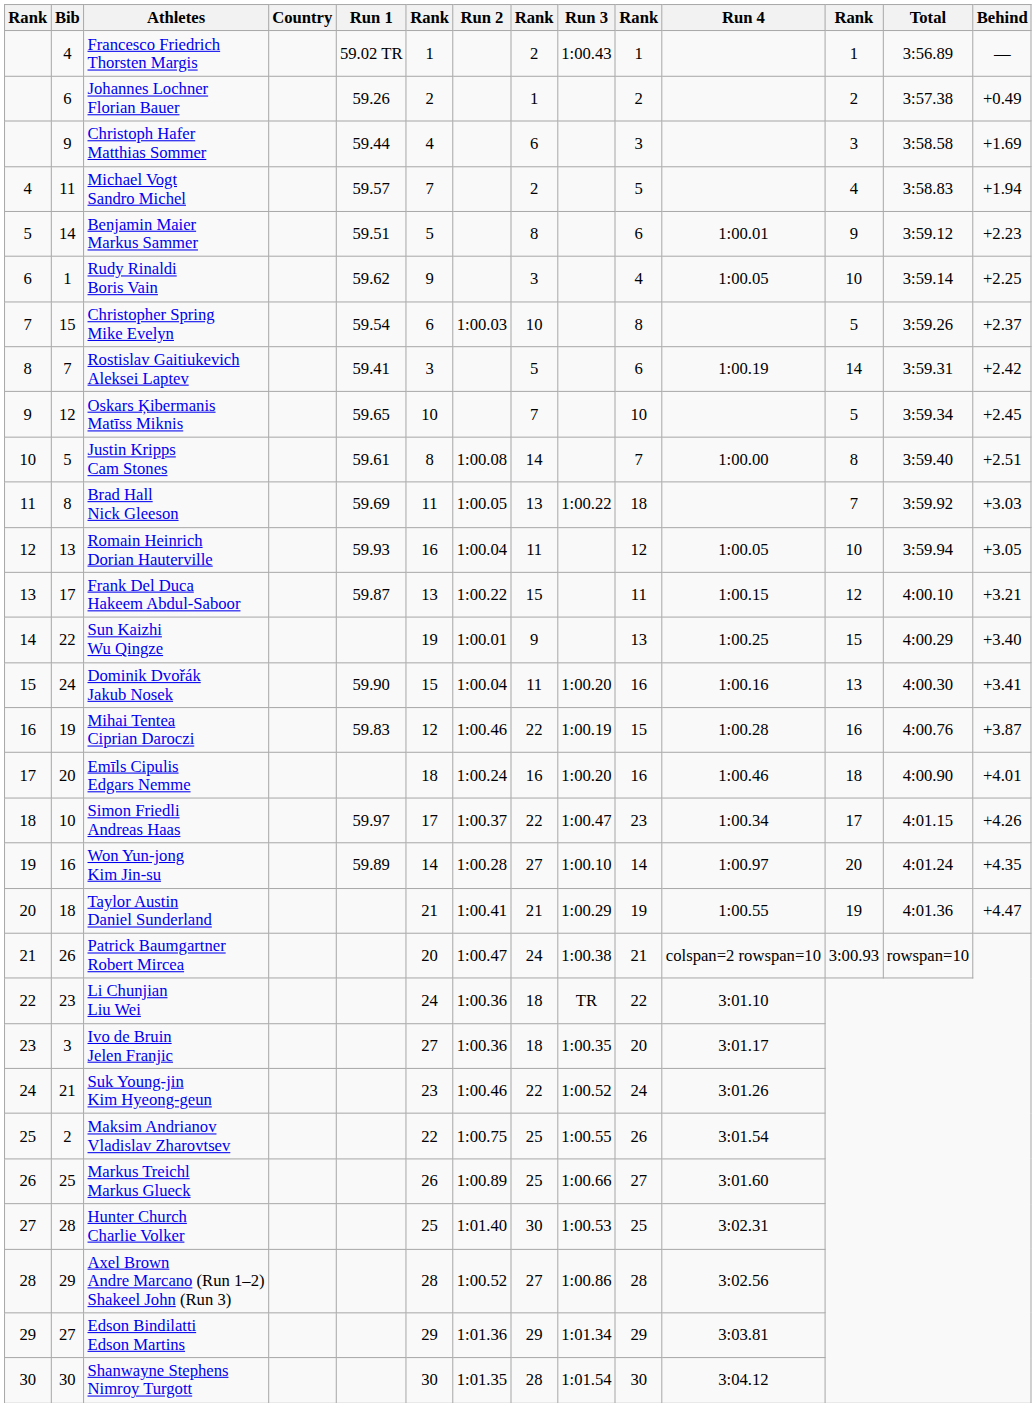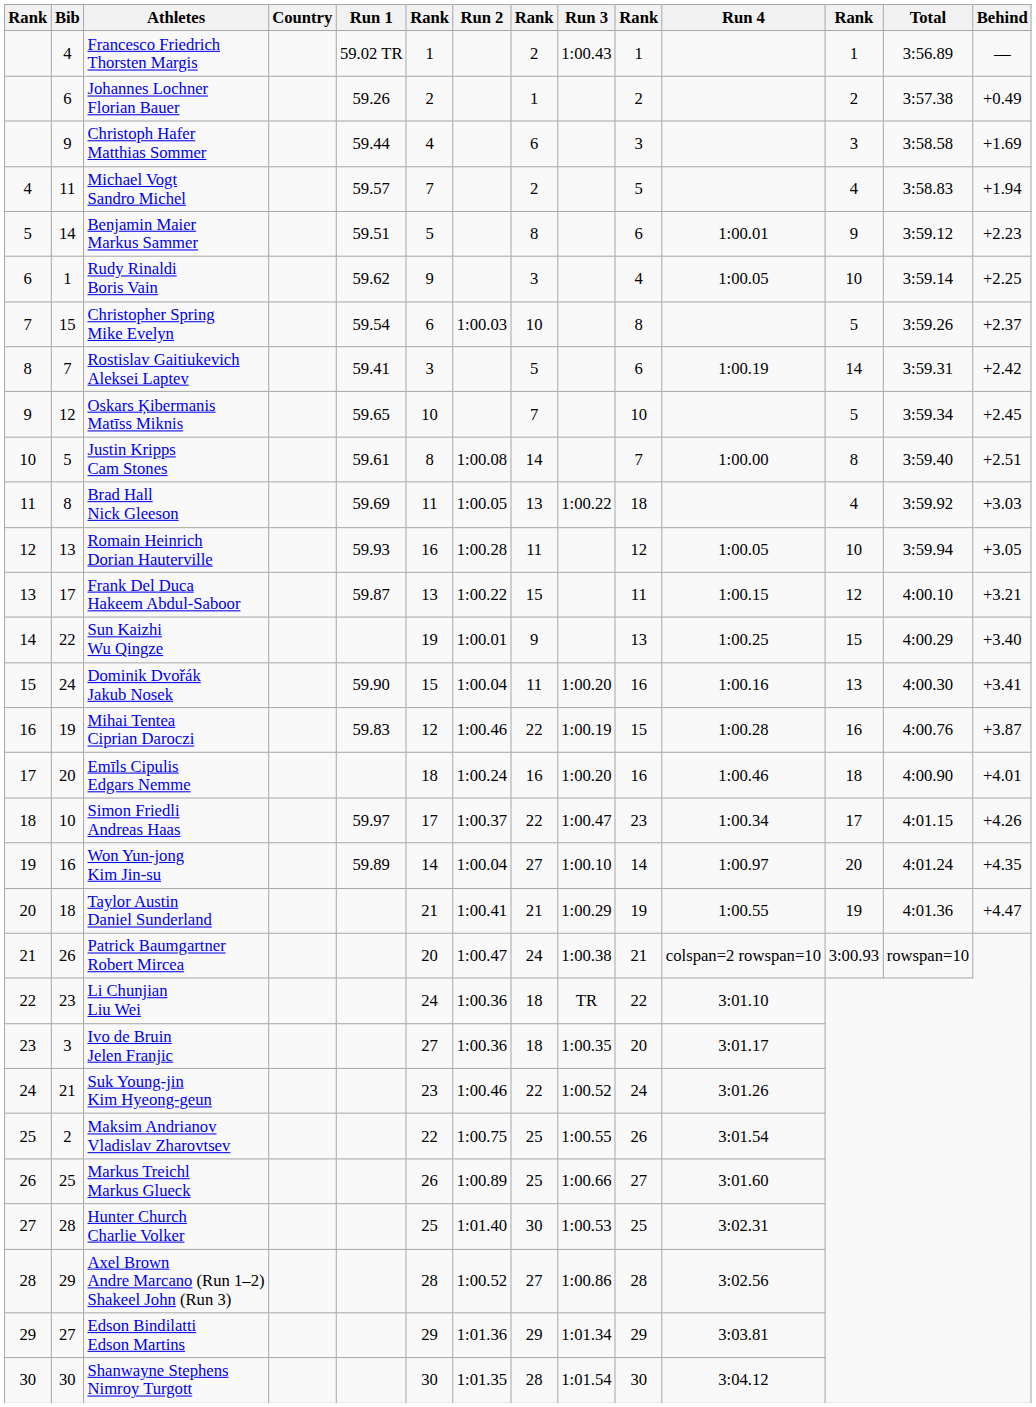 <table class="wikitable sortable" style="text-align:center;">
 <tr>
 <th>Rank</th>
 <th>Bib</th>
 <th>Athletes</th>
 <th>Country</th>
 <th>Run 1</th>
 <th>Rank</th>
 <th>Run 2</th>
 <th>Rank</th>
 <th>Run 3</th>
 <th>Rank</th>
 <th>Run 4</th>
 <th>Rank</th>
 <th>Total</th>
 <th>Behind</th>
 </tr>
 <tr>
 <td></td>
 <td>4</td>
 <td align=left><a href='#'>Francesco Friedrich</a><br><a href='#'>Thorsten Margis</a></td>
 <td align=left></td>
 <td>59.02 TR</td>
 <td>1</td>
 <td></td>
 <td>2</td>
 <td>1:00.43</td>
 <td>1</td>
 <td></td>
 <td>1</td>
 <td>3:56.89</td>
 <td>—</td>
 </tr>
 <tr>
 <td></td>
 <td>6</td>
 <td align=left><a href='#'>Johannes Lochner</a><br><a href='#'>Florian Bauer</a></td>
 <td align=left></td>
 <td>59.26</td>
 <td>2</td>
 <td></td>
 <td>1</td>
 <td></td>
 <td>2</td>
 <td></td>
 <td>2</td>
 <td>3:57.38</td>
 <td>+0.49</td>
 </tr>
 <tr>
 <td></td>
 <td>9</td>
 <td align=left><a href='#'>Christoph Hafer</a><br><a href='#'>Matthias Sommer</a></td>
 <td align=left></td>
 <td>59.44</td>
 <td>4</td>
 <td></td>
 <td>6</td>
 <td></td>
 <td>3</td>
 <td></td>
 <td>3</td>
 <td>3:58.58</td>
 <td>+1.69</td>
 </tr>
 <tr>
 <td>4</td>
 <td>11</td>
 <td align=left><a href='#'>Michael Vogt</a><br><a href='#'>Sandro Michel</a></td>
 <td align=left></td>
 <td>59.57</td>
 <td>7</td>
 <td></td>
 <td>2</td>
 <td></td>
 <td>5</td>
 <td></td>
 <td>4</td>
 <td>3:58.83</td>
 <td>+1.94</td>
 </tr>
 <tr>
 <td>5</td>
 <td>14</td>
 <td align=left><a href='#'>Benjamin Maier</a><br><a href='#'>Markus Sammer</a></td>
 <td align=left></td>
 <td>59.51</td>
 <td>5</td>
 <td></td>
 <td>8</td>
 <td></td>
 <td>6</td>
 <td>1:00.01</td>
 <td>9</td>
 <td>3:59.12</td>
 <td>+2.23</td>
 </tr>
 <tr>
 <td>6</td>
 <td>1</td>
 <td align=left><a href='#'>Rudy Rinaldi</a><br><a href='#'>Boris Vain</a></td>
 <td align=left></td>
 <td>59.62</td>
 <td>9</td>
 <td></td>
 <td>3</td>
 <td></td>
 <td>4</td>
 <td>1:00.05</td>
 <td>10</td>
 <td>3:59.14</td>
 <td>+2.25</td>
 </tr>
 <tr>
 <td>7</td>
 <td>15</td>
 <td align=left><a href='#'>Christopher Spring</a><br><a href='#'>Mike Evelyn</a></td>
 <td align=left></td>
 <td>59.54</td>
 <td>6</td>
 <td>1:00.03</td>
 <td>10</td>
 <td></td>
 <td>8</td>
 <td></td>
 <td>5</td>
 <td>3:59.26</td>
 <td>+2.37</td>
 </tr>
 <tr>
 <td>8</td>
 <td>7</td>
 <td align=left><a href='#'>Rostislav Gaitiukevich</a><br><a href='#'>Aleksei Laptev</a></td>
 <td align=left></td>
 <td>59.41</td>
 <td>3</td>
 <td></td>
 <td>5</td>
 <td></td>
 <td>6</td>
 <td>1:00.19</td>
 <td>14</td>
 <td>3:59.31</td>
 <td>+2.42</td>
 </tr>
 <tr>
 <td>9</td>
 <td>12</td>
 <td align=left><a href='#'>Oskars Ķibermanis</a><br><a href='#'>Matīss Miknis</a></td>
 <td align=left></td>
 <td>59.65</td>
 <td>10</td>
 <td></td>
 <td>7</td>
 <td></td>
 <td>10</td>
 <td></td>
 <td>5</td>
 <td>3:59.34</td>
 <td>+2.45</td>
 </tr>
 <tr>
 <td>10</td>
 <td>5</td>
 <td align=left><a href='#'>Justin Kripps</a><br><a href='#'>Cam Stones</a></td>
 <td align=left></td>
 <td>59.61</td>
 <td>8</td>
 <td>1:00.08</td>
 <td>14</td>
 <td></td>
 <td>7</td>
 <td>1:00.00</td>
 <td>8</td>
 <td>3:59.40</td>
 <td>+2.51</td>
 </tr>
 <tr>
 <td>11</td>
 <td>8</td>
 <td align=left><a href='#'>Brad Hall</a><br><a href='#'>Nick Gleeson</a></td>
 <td align=left></td>
 <td>59.69</td>
 <td>11</td>
 <td>1:00.05</td>
 <td>13</td>
 <td>1:00.22</td>
 <td>18</td>
 <td></td>
-<td>7</td>
+<td>4</td>
 <td>3:59.92</td>
 <td>+3.03</td>
 </tr>
 <tr>
 <td>12</td>
 <td>13</td>
 <td align=left><a href='#'>Romain Heinrich</a><br><a href='#'>Dorian Hauterville</a></td>
 <td align=left></td>
 <td>59.93</td>
 <td>16</td>
-<td>1:00.04</td>
+<td>1:00.28</td>
 <td>11</td>
 <td></td>
 <td>12</td>
 <td>1:00.05</td>
 <td>10</td>
 <td>3:59.94</td>
 <td>+3.05</td>
 </tr>
 <tr>
 <td>13</td>
 <td>17</td>
 <td align=left><a href='#'>Frank Del Duca</a><br><a href='#'>Hakeem Abdul-Saboor</a></td>
 <td align=left></td>
 <td>59.87</td>
 <td>13</td>
 <td>1:00.22</td>
 <td>15</td>
 <td></td>
 <td>11</td>
 <td>1:00.15</td>
 <td>12</td>
 <td>4:00.10</td>
 <td>+3.21</td>
 </tr>
 <tr>
 <td>14</td>
 <td>22</td>
 <td align=left><a href='#'>Sun Kaizhi</a><br><a href='#'>Wu Qingze</a></td>
 <td align=left></td>
 <td></td>
 <td>19</td>
 <td>1:00.01</td>
 <td>9</td>
 <td></td>
 <td>13</td>
 <td>1:00.25</td>
 <td>15</td>
 <td>4:00.29</td>
 <td>+3.40</td>
 </tr>
 <tr>
 <td>15</td>
 <td>24</td>
 <td align=left><a href='#'>Dominik Dvořák</a><br><a href='#'>Jakub Nosek</a></td>
 <td align=left></td>
 <td>59.90</td>
 <td>15</td>
 <td>1:00.04</td>
 <td>11</td>
 <td>1:00.20</td>
 <td>16</td>
 <td>1:00.16</td>
 <td>13</td>
 <td>4:00.30</td>
 <td>+3.41</td>
 </tr>
 <tr>
 <td>16</td>
 <td>19</td>
 <td align=left><a href='#'>Mihai Tentea</a><br><a href='#'>Ciprian Daroczi</a></td>
 <td align=left></td>
 <td>59.83</td>
 <td>12</td>
 <td>1:00.46</td>
 <td>22</td>
 <td>1:00.19</td>
 <td>15</td>
 <td>1:00.28</td>
 <td>16</td>
 <td>4:00.76</td>
 <td>+3.87</td>
 </tr>
 <tr>
 <td>17</td>
 <td>20</td>
 <td align=left><a href='#'>Emīls Cipulis</a><br><a href='#'>Edgars Nemme</a></td>
 <td align=left></td>
 <td></td>
 <td>18</td>
 <td>1:00.24</td>
 <td>16</td>
 <td>1:00.20</td>
 <td>16</td>
 <td>1:00.46</td>
 <td>18</td>
 <td>4:00.90</td>
 <td>+4.01</td>
 </tr>
 <tr>
 <td>18</td>
 <td>10</td>
 <td align=left><a href='#'>Simon Friedli</a><br><a href='#'>Andreas Haas</a></td>
 <td align=left></td>
 <td>59.97</td>
 <td>17</td>
 <td>1:00.37</td>
 <td>22</td>
 <td>1:00.47</td>
 <td>23</td>
 <td>1:00.34</td>
 <td>17</td>
 <td>4:01.15</td>
 <td>+4.26</td>
 </tr>
 <tr>
 <td>19</td>
 <td>16</td>
 <td align=left><a href='#'>Won Yun-jong</a><br><a href='#'>Kim Jin-su</a></td>
 <td align=left></td>
 <td>59.89</td>
 <td>14</td>
-<td>1:00.28</td>
+<td>1:00.04</td>
 <td>27</td>
 <td>1:00.10</td>
 <td>14</td>
 <td>1:00.97</td>
 <td>20</td>
 <td>4:01.24</td>
 <td>+4.35</td>
 </tr>
 <tr>
 <td>20</td>
 <td>18</td>
 <td align=left><a href='#'>Taylor Austin</a><br><a href='#'>Daniel Sunderland</a></td>
 <td align=left></td>
 <td></td>
 <td>21</td>
 <td>1:00.41</td>
 <td>21</td>
 <td>1:00.29</td>
 <td>19</td>
 <td>1:00.55</td>
 <td>19</td>
 <td>4:01.36</td>
 <td>+4.47</td>
 </tr>
 <tr>
 <td>21</td>
 <td>26</td>
 <td align=left><a href='#'>Patrick Baumgartner</a><br><a href='#'>Robert Mircea</a></td>
 <td align=left></td>
 <td></td>
 <td>20</td>
 <td>1:00.47</td>
 <td>24</td>
 <td>1:00.38</td>
 <td>21</td>
 <td>colspan=2 rowspan=10 </td>
 <td>3:00.93</td>
 <td>rowspan=10 </td>
 </tr>
 <tr>
 <td>22</td>
 <td>23</td>
 <td align=left><a href='#'>Li Chunjian</a><br><a href='#'>Liu Wei</a></td>
 <td align=left></td>
 <td></td>
 <td>24</td>
 <td>1:00.36</td>
 <td>18</td>
 <td> TR</td>
 <td>22</td>
 <td>3:01.10</td>
 </tr>
 <tr>
 <td>23</td>
 <td>3</td>
 <td align=left><a href='#'>Ivo de Bruin</a><br><a href='#'>Jelen Franjic</a></td>
 <td align=left></td>
 <td></td>
 <td>27</td>
 <td>1:00.36</td>
 <td>18</td>
 <td>1:00.35</td>
 <td>20</td>
 <td>3:01.17</td>
 </tr>
 <tr>
 <td>24</td>
 <td>21</td>
 <td align=left><a href='#'>Suk Young-jin</a><br><a href='#'>Kim Hyeong-geun</a></td>
 <td align=left></td>
 <td></td>
 <td>23</td>
 <td>1:00.46</td>
 <td>22</td>
 <td>1:00.52</td>
 <td>24</td>
 <td>3:01.26</td>
 </tr>
 <tr>
 <td>25</td>
 <td>2</td>
 <td align=left><a href='#'>Maksim Andrianov</a><br><a href='#'>Vladislav Zharovtsev</a></td>
 <td align=left></td>
 <td></td>
 <td>22</td>
 <td>1:00.75</td>
 <td>25</td>
 <td>1:00.55</td>
 <td>26</td>
 <td>3:01.54</td>
 </tr>
 <tr>
 <td>26</td>
 <td>25</td>
 <td align=left><a href='#'>Markus Treichl</a><br><a href='#'>Markus Glueck</a></td>
 <td align=left></td>
 <td></td>
 <td>26</td>
 <td>1:00.89</td>
 <td>25</td>
 <td>1:00.66</td>
 <td>27</td>
 <td>3:01.60</td>
 </tr>
 <tr>
 <td>27</td>
 <td>28</td>
 <td align=left><a href='#'>Hunter Church</a><br><a href='#'>Charlie Volker</a></td>
 <td align=left></td>
 <td></td>
 <td>25</td>
 <td>1:01.40</td>
 <td>30</td>
 <td>1:00.53</td>
 <td>25</td>
 <td>3:02.31</td>
 </tr>
 <tr>
 <td>28</td>
 <td>29</td>
 <td align=left><a href='#'>Axel Brown</a><br><a href='#'>Andre Marcano</a> (Run 1–2)<br><a href='#'>Shakeel John</a> (Run 3)</td>
 <td align=left></td>
 <td></td>
 <td>28</td>
 <td>1:00.52</td>
 <td>27</td>
 <td>1:00.86</td>
 <td>28</td>
 <td>3:02.56</td>
 </tr>
 <tr>
 <td>29</td>
 <td>27</td>
 <td align=left><a href='#'>Edson Bindilatti</a><br><a href='#'>Edson Martins</a></td>
 <td align=left></td>
 <td></td>
 <td>29</td>
 <td>1:01.36</td>
 <td>29</td>
 <td>1:01.34</td>
 <td>29</td>
 <td>3:03.81</td>
 </tr>
 <tr>
 <td>30</td>
 <td>30</td>
 <td align=left><a href='#'>Shanwayne Stephens</a><br><a href='#'>Nimroy Turgott</a></td>
 <td align=left></td>
 <td></td>
 <td>30</td>
 <td>1:01.35</td>
 <td>28</td>
 <td>1:01.54</td>
 <td>30</td>
 <td>3:04.12</td>
 </tr>
 </table>
